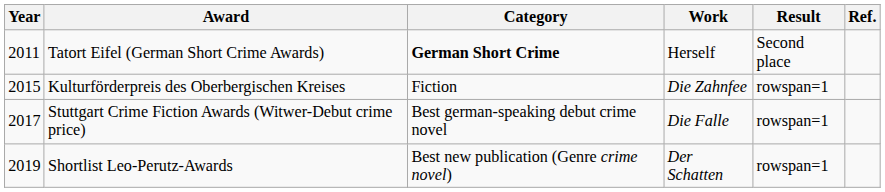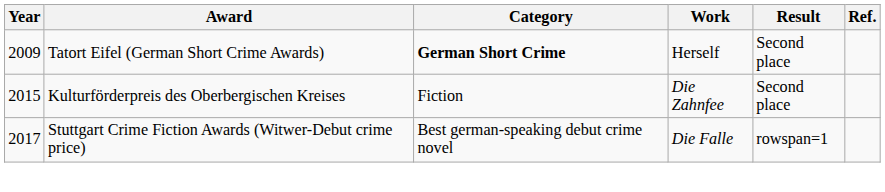 <table class="wikitable">
 <tr>
 <th>Year</th>
 <th>Award</th>
 <th>Category</th>
 <th>Work</th>
 <th>Result</th>
 <th>Ref.</th>
 </tr>
 <tr>
-<td rowspan="1">2011</td>
+<td rowspan="1">2009</td>
 <td>Tatort Eifel (German Short Crime Awards)</td>
 <td><strong>German Short Crime</strong></td>
 <td rowspan="1">Herself</td>
 <td>Second place</td>
 <td></td>
 </tr>
 <tr>
 <td rowspan="1">2015</td>
 <td>Kulturförderpreis des Oberbergischen Kreises</td>
 <td>Fiction</td>
 <td rowspan="1"><em>Die Zahnfee</em></td>
-<td>rowspan=1 </td>
+<td>Second place</td>
 <td></td>
 </tr>
 <tr>
 <td>2017</td>
 <td>Stuttgart Crime Fiction Awards (Witwer-Debut crime price)</td>
 <td>Best german-speaking debut crime novel</td>
 <td><em>Die Falle</em></td>
 <td>rowspan=1 </td>
 <td></td>
 </tr>
-<tr>
-<td>2019</td>
-<td>Shortlist Leo-Perutz-Awards</td>
-<td>Best new publication (Genre <em>crime novel</em>)</td>
-<td><em>Der Schatten</em></td>
-<td>rowspan=1 </td>
-<td></td>
-</tr>
 </table>
